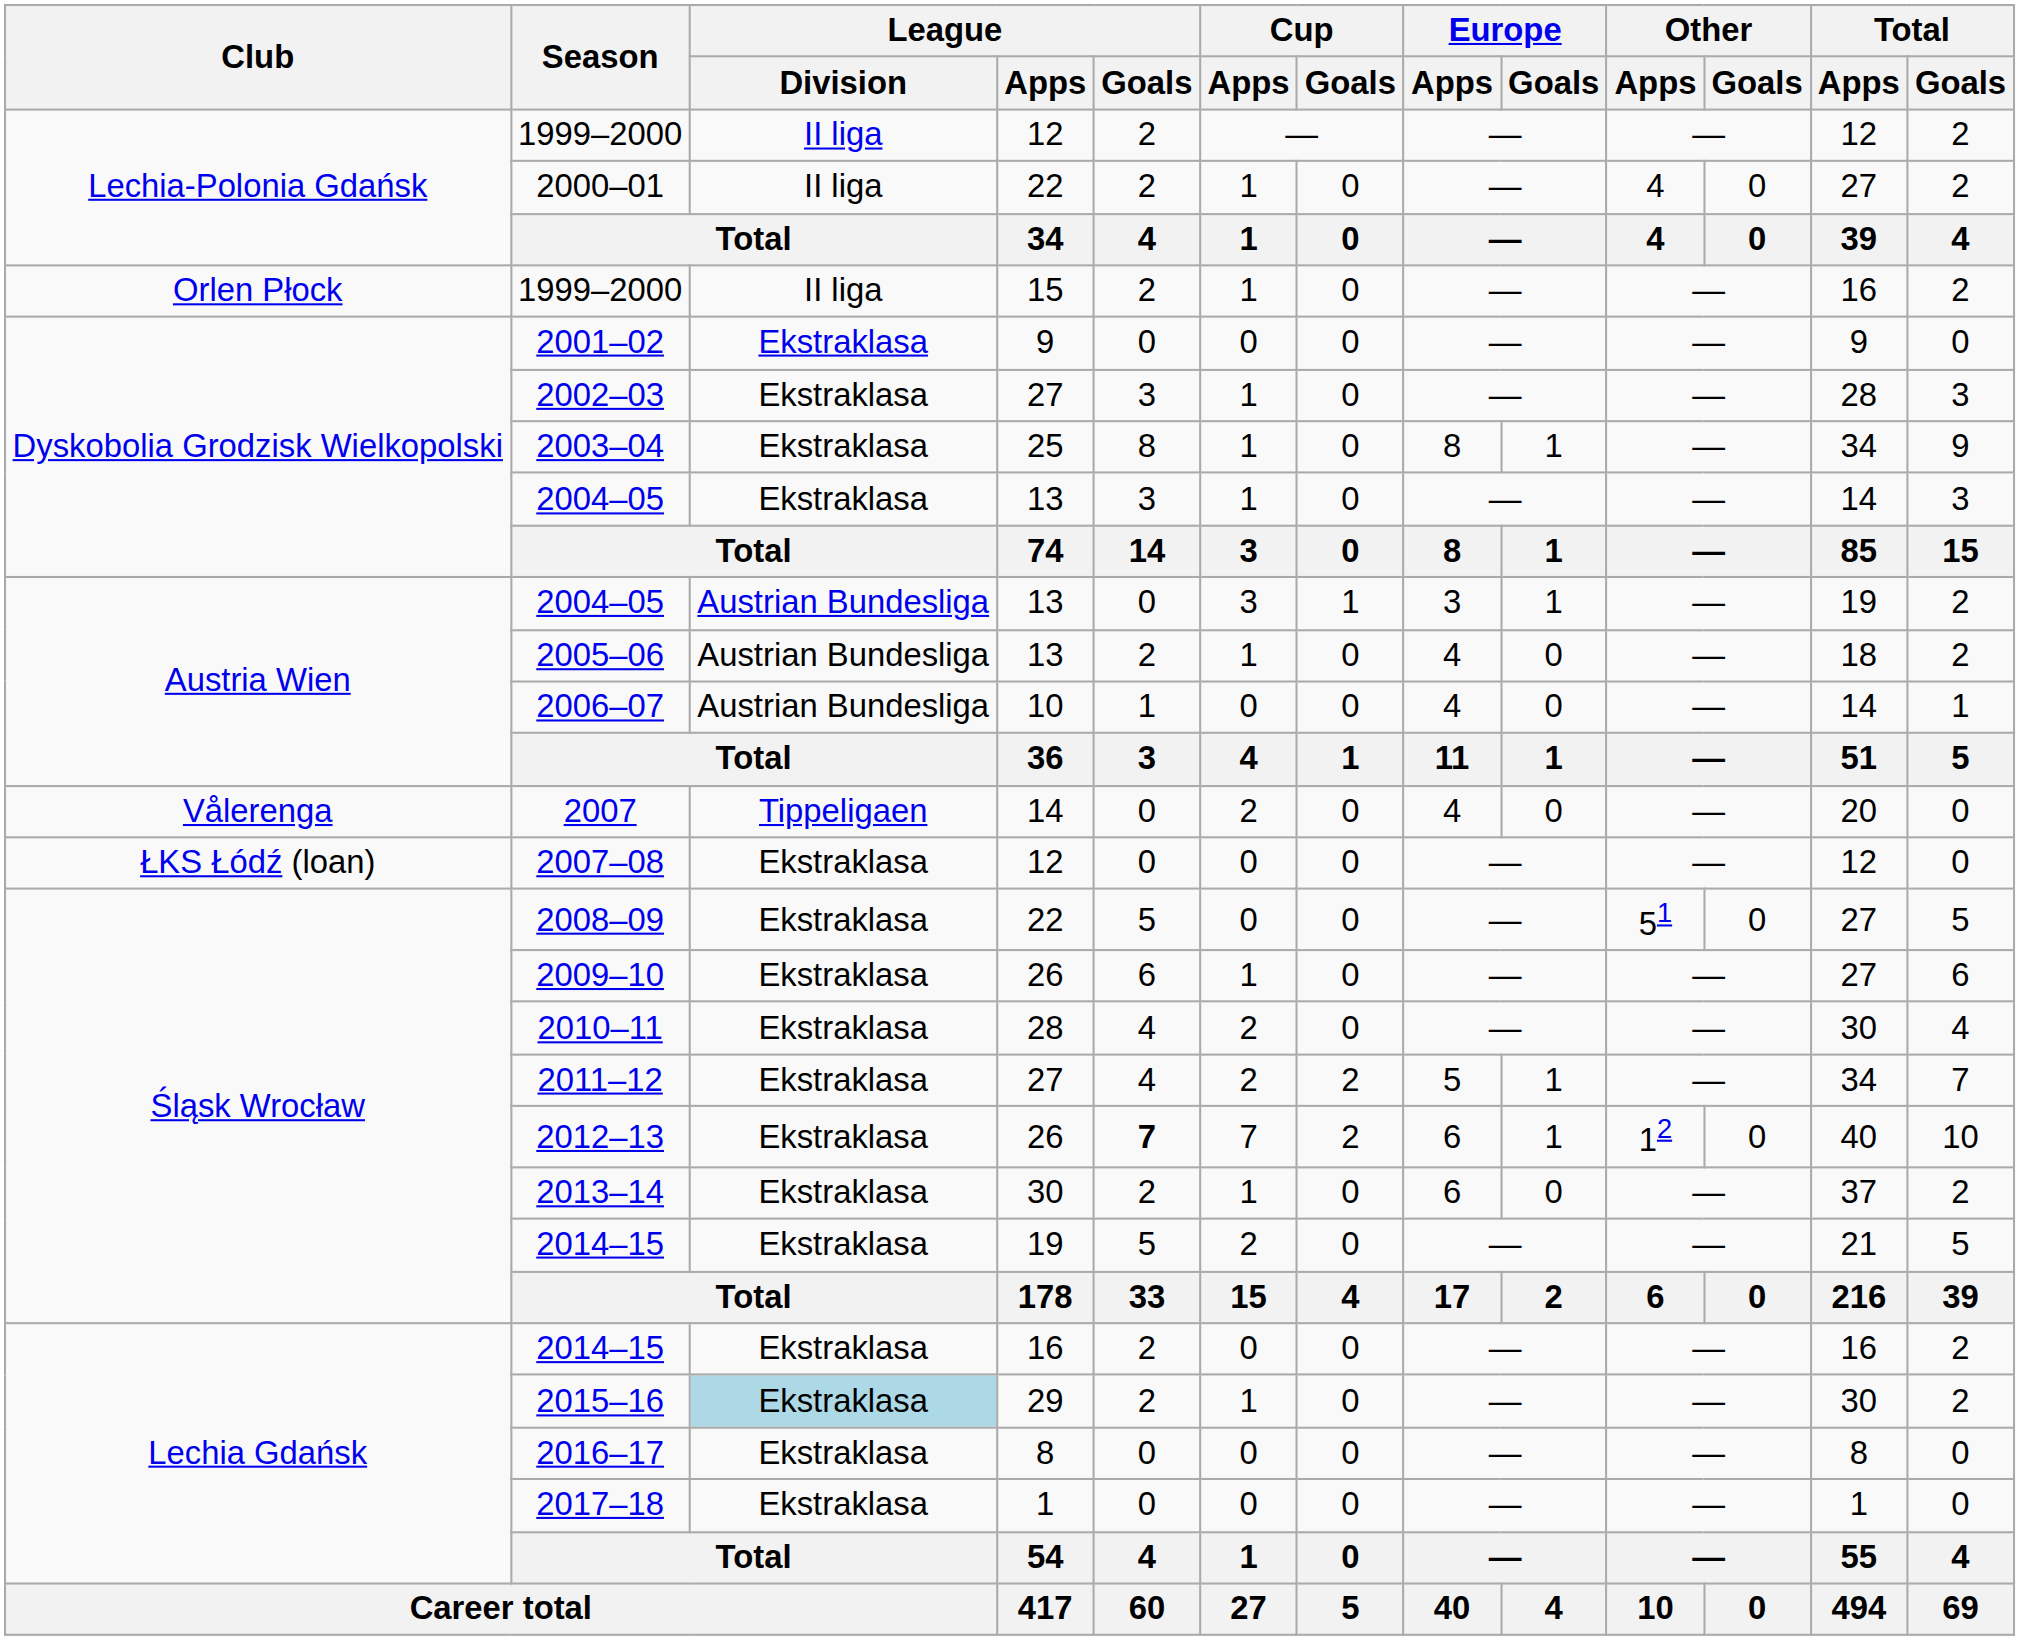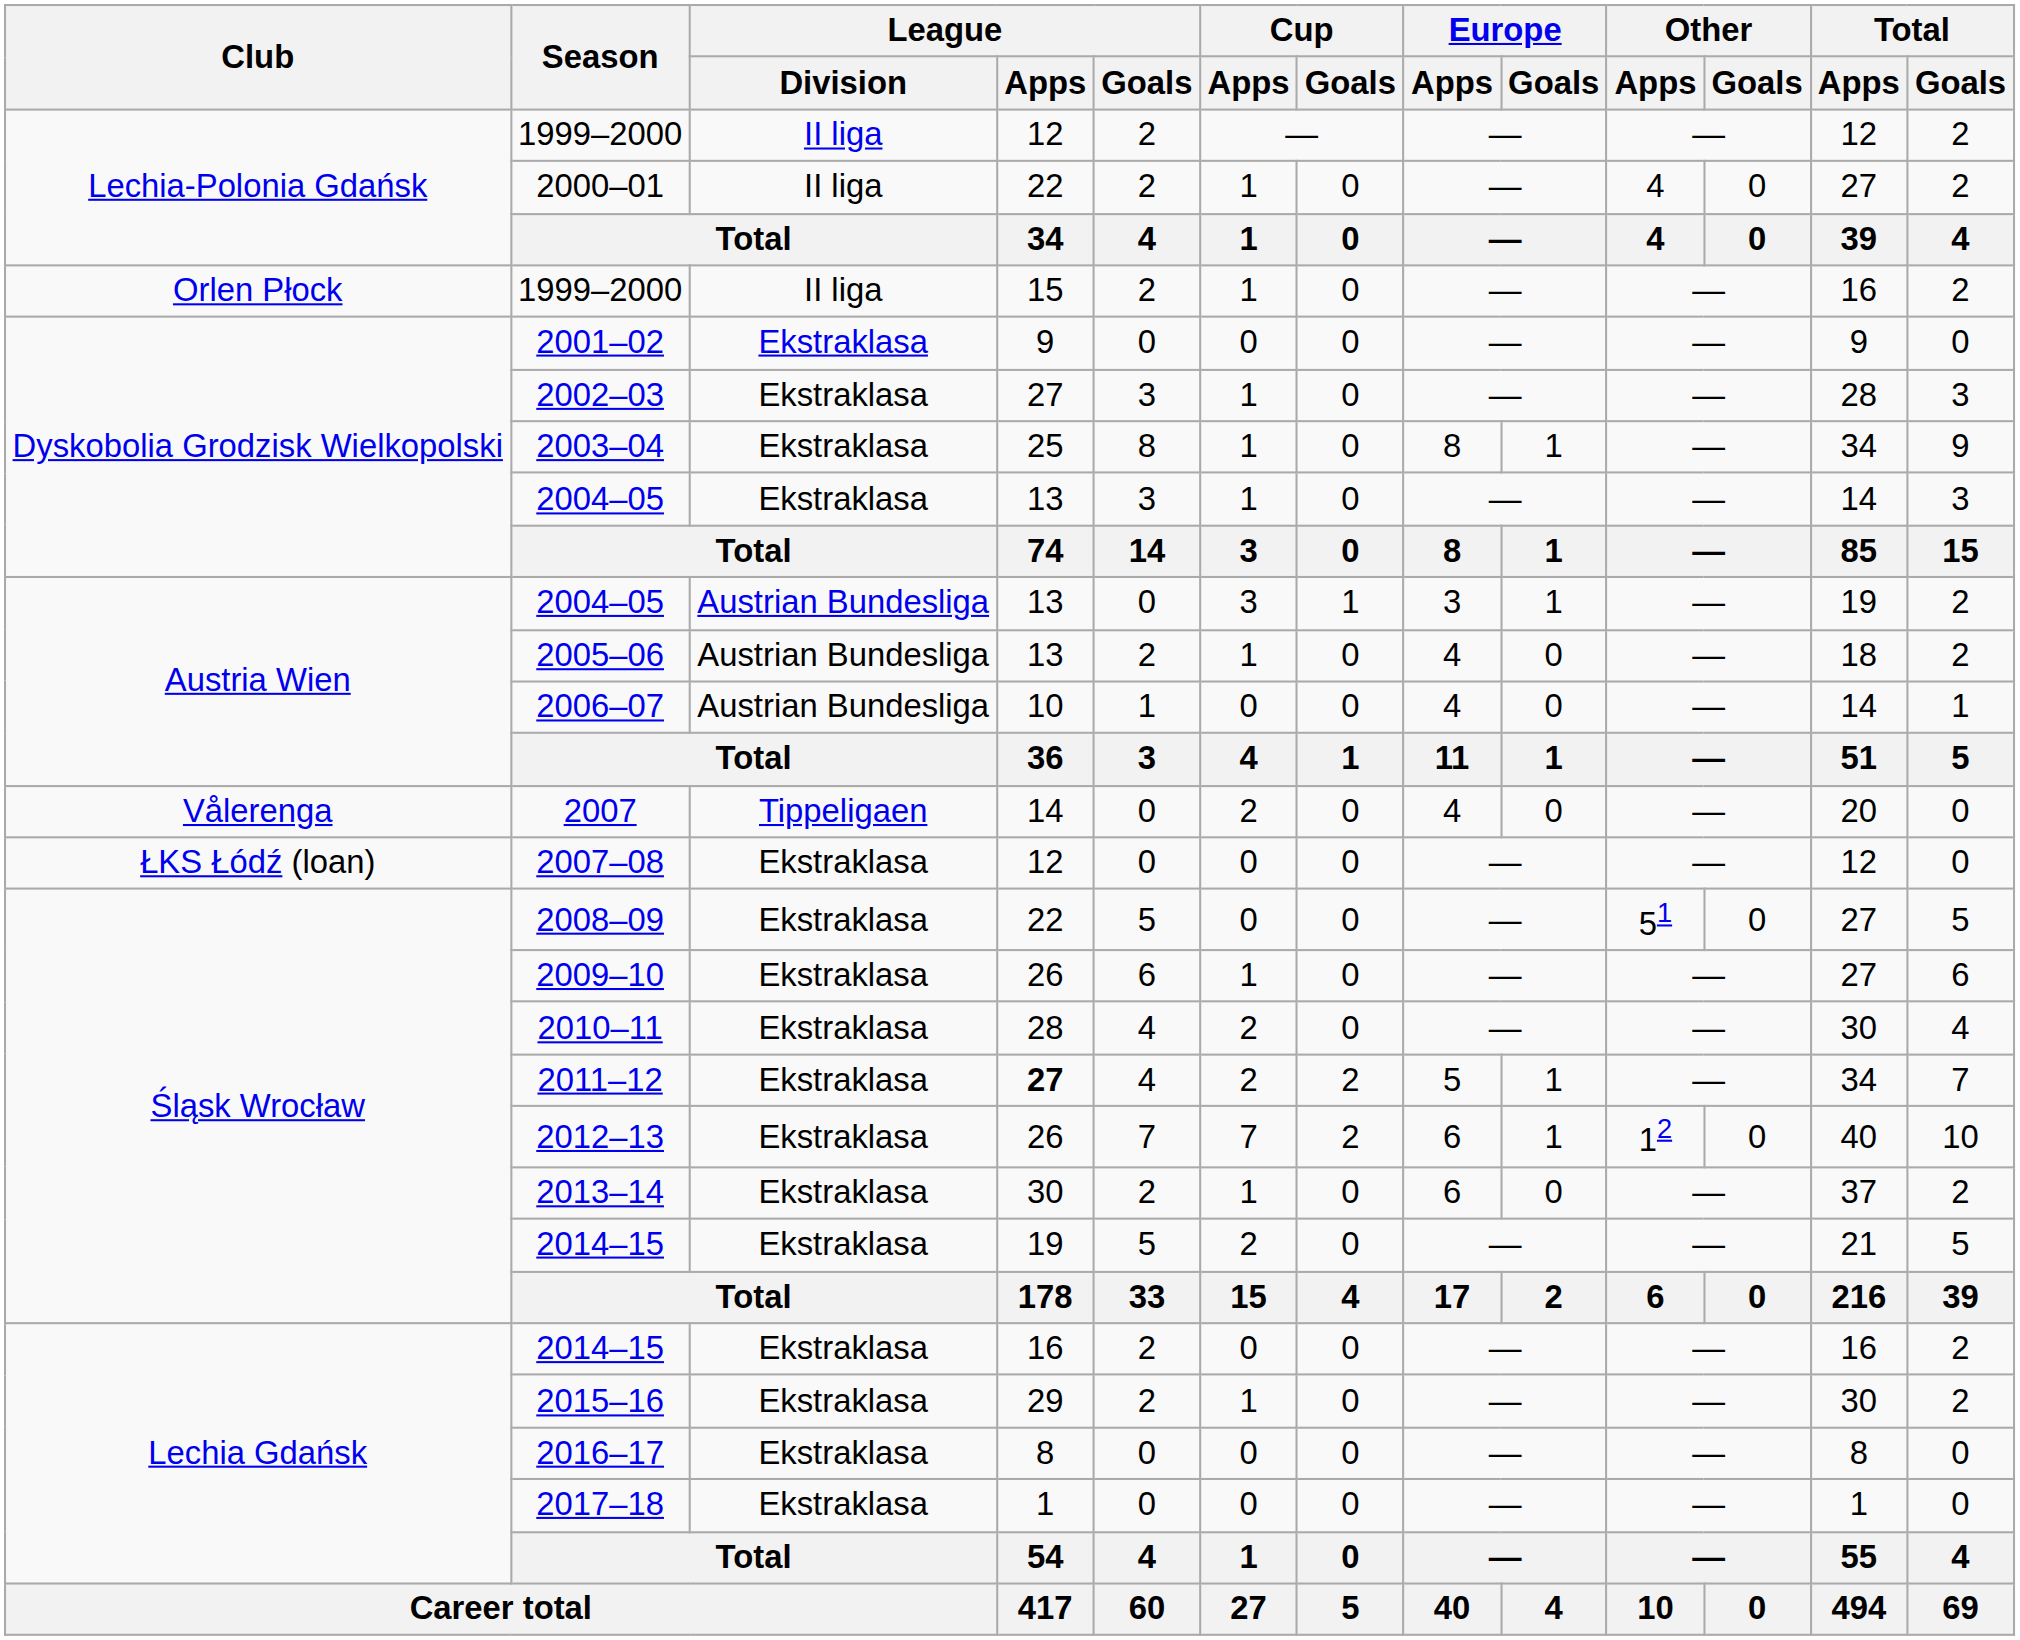 <table class=wikitable style="text-align: center">
 <tr>
 <th rowspan=2>Club</th>
 <th rowspan=2>Season</th>
 <th colspan=3>League</th>
 <th colspan=2>Cup</th>
 <th colspan=2><a href='#'>Europe</a></th>
 <th colspan=2>Other</th>
 <th colspan=2>Total</th>
 </tr>
 <tr>
 <th>Division</th>
 <th>Apps</th>
 <th>Goals</th>
 <th>Apps</th>
 <th>Goals</th>
 <th>Apps</th>
 <th>Goals</th>
 <th>Apps</th>
 <th>Goals</th>
 <th>Apps</th>
 <th>Goals</th>
 </tr>
 <tr>
 <td rowspan="3"><a href='#'>Lechia-Polonia Gdańsk</a></td>
 <td>1999–2000</td>
 <td><a href='#'>II liga</a></td>
 <td>12</td>
 <td>2</td>
 <td colspan="2">—</td>
 <td colspan="2">—</td>
 <td colspan="2">—</td>
 <td>12</td>
 <td>2</td>
 </tr>
 <tr>
 <td>2000–01</td>
 <td>II liga</td>
 <td>22</td>
 <td>2</td>
 <td>1</td>
 <td>0</td>
 <td colspan="2">—</td>
 <td>4</td>
 <td>0</td>
 <td>27</td>
 <td>2</td>
 </tr>
 <tr>
 <th colspan="2">Total</th>
 <th>34</th>
 <th>4</th>
 <th>1</th>
 <th>0</th>
 <th colspan="2">—</th>
 <th>4</th>
 <th>0</th>
 <th>39</th>
 <th>4</th>
 </tr>
 <tr>
 <td rowspan="1"><a href='#'>Orlen Płock</a></td>
 <td>1999–2000</td>
 <td>II liga</td>
 <td>15</td>
 <td>2</td>
 <td>1</td>
 <td>0</td>
 <td colspan="2">—</td>
 <td colspan="2">—</td>
 <td>16</td>
 <td>2</td>
 </tr>
 <tr>
 <td rowspan="5"><a href='#'>Dyskobolia Grodzisk Wielkopolski</a></td>
 <td><a href='#'>2001–02</a></td>
 <td><a href='#'>Ekstraklasa</a></td>
 <td>9</td>
 <td>0</td>
 <td>0</td>
 <td>0</td>
 <td colspan="2">—</td>
 <td colspan="2">—</td>
 <td>9</td>
 <td>0</td>
 </tr>
 <tr>
 <td><a href='#'>2002–03</a></td>
 <td>Ekstraklasa</td>
 <td>27</td>
 <td>3</td>
 <td>1</td>
 <td>0</td>
 <td colspan="2">—</td>
 <td colspan="2">—</td>
 <td>28</td>
 <td>3</td>
 </tr>
 <tr>
 <td><a href='#'>2003–04</a></td>
 <td>Ekstraklasa</td>
 <td>25</td>
 <td>8</td>
 <td>1</td>
 <td>0</td>
 <td>8</td>
 <td>1</td>
 <td colspan="2">—</td>
 <td>34</td>
 <td>9</td>
 </tr>
 <tr>
 <td><a href='#'>2004–05</a></td>
 <td>Ekstraklasa</td>
 <td>13</td>
 <td>3</td>
 <td>1</td>
 <td>0</td>
 <td colspan="2">—</td>
 <td colspan="2">—</td>
 <td>14</td>
 <td>3</td>
 </tr>
 <tr>
 <th colspan="2">Total</th>
 <th>74</th>
 <th>14</th>
 <th>3</th>
 <th>0</th>
 <th>8</th>
 <th>1</th>
 <th colspan="2">—</th>
 <th>85</th>
 <th>15</th>
 </tr>
 <tr>
 <td rowspan="4"><a href='#'>Austria Wien</a></td>
 <td><a href='#'>2004–05</a></td>
 <td><a href='#'>Austrian Bundesliga</a></td>
 <td>13</td>
 <td>0</td>
 <td>3</td>
 <td>1</td>
 <td>3</td>
 <td>1</td>
 <td colspan="2">—</td>
 <td>19</td>
 <td>2</td>
 </tr>
 <tr>
 <td><a href='#'>2005–06</a></td>
 <td>Austrian Bundesliga</td>
 <td>13</td>
 <td>2</td>
 <td>1</td>
 <td>0</td>
 <td>4</td>
 <td>0</td>
 <td colspan="2">—</td>
 <td>18</td>
 <td>2</td>
 </tr>
 <tr>
 <td><a href='#'>2006–07</a></td>
 <td>Austrian Bundesliga</td>
 <td>10</td>
 <td>1</td>
 <td>0</td>
 <td>0</td>
 <td>4</td>
 <td>0</td>
 <td colspan="2">—</td>
 <td>14</td>
 <td>1</td>
 </tr>
 <tr>
 <th colspan="2">Total</th>
 <th>36</th>
 <th>3</th>
 <th>4</th>
 <th>1</th>
 <th>11</th>
 <th>1</th>
 <th colspan="2">—</th>
 <th>51</th>
 <th>5</th>
 </tr>
 <tr>
 <td rowspan="1"><a href='#'>Vålerenga</a></td>
 <td><a href='#'>2007</a></td>
 <td><a href='#'>Tippeligaen</a></td>
 <td>14</td>
 <td>0</td>
 <td>2</td>
 <td>0</td>
 <td>4</td>
 <td>0</td>
 <td colspan="2">—</td>
 <td>20</td>
 <td>0</td>
 </tr>
 <tr>
 <td rowspan="1"><a href='#'>ŁKS Łódź</a> (loan)</td>
 <td><a href='#'>2007–08</a></td>
 <td>Ekstraklasa</td>
 <td>12</td>
 <td>0</td>
 <td>0</td>
 <td>0</td>
 <td colspan="2">—</td>
 <td colspan="2">—</td>
 <td>12</td>
 <td>0</td>
 </tr>
 <tr>
 <td rowspan="8"><a href='#'>Śląsk Wrocław</a></td>
 <td><a href='#'>2008–09</a></td>
 <td>Ekstraklasa</td>
 <td>22</td>
 <td>5</td>
 <td>0</td>
 <td>0</td>
 <td colspan="2">—</td>
 <td>5<sup><a href='#'>1</a></sup></td>
 <td>0</td>
 <td>27</td>
 <td>5</td>
 </tr>
 <tr>
 <td><a href='#'>2009–10</a></td>
 <td>Ekstraklasa</td>
 <td>26</td>
 <td>6</td>
 <td>1</td>
 <td>0</td>
 <td colspan="2">—</td>
 <td colspan="2">—</td>
 <td>27</td>
 <td>6</td>
 </tr>
 <tr>
 <td><a href='#'>2010–11</a></td>
 <td>Ekstraklasa</td>
 <td>28</td>
 <td>4</td>
 <td>2</td>
 <td>0</td>
 <td colspan="2">—</td>
 <td colspan="2">—</td>
 <td>30</td>
 <td>4</td>
 </tr>
 <tr>
 <td><a href='#'>2011–12</a></td>
 <td>Ekstraklasa</td>
-<td>27</td>
+<td><strong>27</strong></td>
 <td>4</td>
 <td>2</td>
 <td>2</td>
 <td>5</td>
 <td>1</td>
 <td colspan="2">—</td>
 <td>34</td>
 <td>7</td>
 </tr>
 <tr>
 <td><a href='#'>2012–13</a></td>
 <td>Ekstraklasa</td>
 <td>26</td>
-<td><strong>7</strong></td>
+<td>7</td>
 <td>7</td>
 <td>2</td>
 <td>6</td>
 <td>1</td>
 <td>1<sup><a href='#'>2</a></sup></td>
 <td>0</td>
 <td>40</td>
 <td>10</td>
 </tr>
 <tr>
 <td><a href='#'>2013–14</a></td>
 <td>Ekstraklasa</td>
 <td>30</td>
 <td>2</td>
 <td>1</td>
 <td>0</td>
 <td>6</td>
 <td>0</td>
 <td colspan="2">—</td>
 <td>37</td>
 <td>2</td>
 </tr>
 <tr>
 <td><a href='#'>2014–15</a></td>
 <td>Ekstraklasa</td>
 <td>19</td>
 <td>5</td>
 <td>2</td>
 <td>0</td>
 <td colspan="2">—</td>
 <td colspan="2">—</td>
 <td>21</td>
 <td>5</td>
 </tr>
 <tr>
 <th colspan="2">Total</th>
 <th>178</th>
 <th>33</th>
 <th>15</th>
 <th>4</th>
 <th>17</th>
 <th>2</th>
 <th>6</th>
 <th>0</th>
 <th>216</th>
 <th>39</th>
 </tr>
 <tr>
 <td rowspan="5"><a href='#'>Lechia Gdańsk</a></td>
 <td><a href='#'>2014–15</a></td>
 <td>Ekstraklasa</td>
 <td>16</td>
 <td>2</td>
 <td>0</td>
 <td>0</td>
 <td colspan="2">—</td>
 <td colspan="2">—</td>
 <td>16</td>
 <td>2</td>
 </tr>
 <tr>
 <td><a href='#'>2015–16</a></td>
-<td style="background: lightblue;">Ekstraklasa</td>
+<td>Ekstraklasa</td>
 <td>29</td>
 <td>2</td>
 <td>1</td>
 <td>0</td>
 <td colspan="2">—</td>
 <td colspan="2">—</td>
 <td>30</td>
 <td>2</td>
 </tr>
 <tr>
 <td><a href='#'>2016–17</a></td>
 <td>Ekstraklasa</td>
 <td>8</td>
 <td>0</td>
 <td>0</td>
 <td>0</td>
 <td colspan="2">—</td>
 <td colspan="2">—</td>
 <td>8</td>
 <td>0</td>
 </tr>
 <tr>
 <td><a href='#'>2017–18</a></td>
 <td>Ekstraklasa</td>
 <td>1</td>
 <td>0</td>
 <td>0</td>
 <td>0</td>
 <td colspan="2">—</td>
 <td colspan="2">—</td>
 <td>1</td>
 <td>0</td>
 </tr>
 <tr>
 <th colspan="2">Total</th>
 <th>54</th>
 <th>4</th>
 <th>1</th>
 <th>0</th>
 <th colspan="2">—</th>
 <th colspan="2">—</th>
 <th>55</th>
 <th>4</th>
 </tr>
 <tr>
 <th colspan="3">Career total</th>
 <th>417</th>
 <th>60</th>
 <th>27</th>
 <th>5</th>
 <th>40</th>
 <th>4</th>
 <th>10</th>
 <th>0</th>
 <th>494</th>
 <th>69</th>
 </tr>
 </table>
